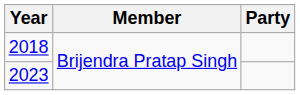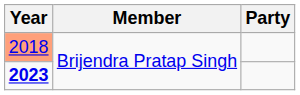 <table class="wikitable sortable">
 <tr>
 <th>Year</th>
 <th>Member</th>
 <th colspan=2>Party</th>
 </tr>
 <tr>
-<td><a href='#'>2018</a></td>
+<td style="background: lightsalmon;"><a href='#'>2018</a></td>
 <td rowspan="2"><a href='#'>Brijendra Pratap Singh</a></td>
 <td></td>
 </tr>
 <tr>
-<td><a href='#'>2023</a></td>
+<td><strong><a href='#'>2023</a></strong></td>
 </tr>
 </table>
